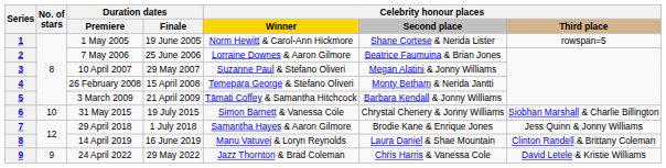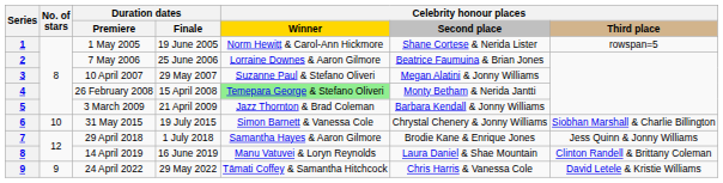 <table class="wikitable" style="white-space:nowrap; font-size:85%;">
 <tr>
 <th rowspan="2">Series</th>
 <th rowspan="2">No. of<br>stars</th>
 <th colspan="2">Duration dates</th>
 <th colspan="3">Celebrity honour places</th>
 </tr>
 <tr>
 <th scope="row" style="text-align:center">Premiere</th>
 <th scope="row" style="text-align:center">Finale</th>
 <th style="background:gold;">Winner</th>
 <th style="background:silver;">Second place</th>
 <th style="background:tan;">Third place</th>
 </tr>
 <tr scope="row" style="text-align:center">
 <th><a href='#'>1</a></th>
 <td rowspan="5">8</td>
 <td>1 May 2005</td>
 <td>19 June 2005</td>
 <td><a href='#'>Norm Hewitt</a> & Carol-Ann Hickmore</td>
 <td><a href='#'>Shane Cortese</a> & Nerida Lister</td>
 <td>rowspan=5 </td>
 </tr>
 <tr scope="row" style="text-align:center">
 <th><a href='#'>2</a></th>
 <td>7 May 2006</td>
 <td>25 June 2006</td>
 <td><a href='#'>Lorraine Downes</a> & Aaron Gilmore</td>
 <td><a href='#'>Beatrice Faumuina</a> & Brian Jones</td>
 </tr>
 <tr scope="row" style="text-align:center">
 <th><a href='#'>3</a></th>
 <td>10 April 2007</td>
 <td>29 May 2007</td>
 <td><a href='#'>Suzanne Paul</a> & Stefano Oliveri</td>
 <td><a href='#'>Megan Alatini</a> & Jonny Williams</td>
 </tr>
 <tr scope="row" style="text-align:center">
 <th><a href='#'>4</a></th>
 <td>26 February 2008</td>
 <td>15 April 2008</td>
-<td><a href='#'>Temepara George</a> & Stefano Oliveri</td>
+<td style="background: lightgreen;"><a href='#'>Temepara George</a> & Stefano Oliveri</td>
 <td><a href='#'>Monty Betham</a> & Nerida Jantti</td>
 </tr>
 <tr scope="row" style="text-align:center">
 <th><a href='#'>5</a></th>
 <td>3 March 2009</td>
 <td>21 April 2009</td>
-<td><a href='#'>Tāmati Coffey</a> & Samantha Hitchcock</td>
+<td><a href='#'>Jazz Thornton</a> & Brad Coleman</td>
 <td><a href='#'>Barbara Kendall</a> & Jonny Williams</td>
 </tr>
 <tr scope="row" style="text-align:center">
 <th><a href='#'>6</a></th>
 <td>10</td>
 <td>31 May 2015</td>
 <td>19 July 2015</td>
 <td><a href='#'>Simon Barnett</a> & Vanessa Cole</td>
 <td>Chrystal Chenery & Jonny Williams</td>
 <td><a href='#'>Siobhan Marshall</a> & Charlie Billington</td>
 </tr>
 <tr scope="row" style="text-align:center">
 <th><a href='#'>7</a></th>
 <td rowspan=2>12</td>
 <td>29 April 2018</td>
 <td>1 July 2018</td>
 <td><a href='#'>Samantha Hayes</a> & Aaron Gilmore</td>
 <td>Brodie Kane & Enrique Jones</td>
 <td>Jess Quinn & Jonny Williams</td>
 </tr>
 <tr scope="row" style="text-align:center">
 <th><a href='#'>8</a></th>
 <td>14 April 2019</td>
 <td>16 June 2019</td>
 <td><a href='#'>Manu Vatuvei</a> & Loryn Reynolds</td>
 <td><a href='#'>Laura Daniel</a> & Shae Mountain</td>
 <td><a href='#'>Clinton Randell</a> & Brittany Coleman</td>
 </tr>
 <tr scope="row" style="text-align:center">
 <th><a href='#'>9</a></th>
 <td>9</td>
 <td>24 April 2022</td>
 <td>29 May 2022</td>
-<td><a href='#'>Jazz Thornton</a> & Brad Coleman</td>
+<td><a href='#'>Tāmati Coffey</a> & Samantha Hitchcock</td>
 <td><a href='#'>Chris Harris</a> & Vanessa Cole</td>
 <td><a href='#'>David Letele</a> & Kristie Williams</td>
 </tr>
 </table>
